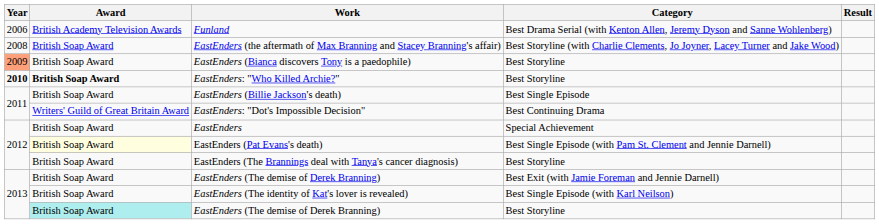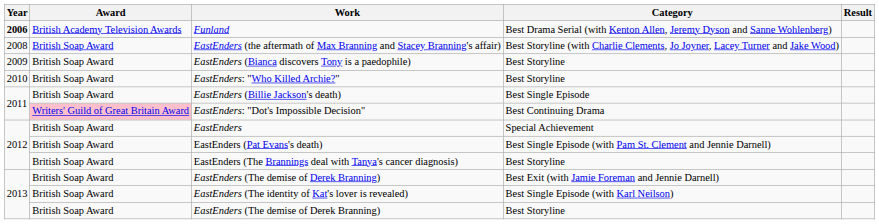 <table class="wikitable">
 <tr style="text-align:center;">
 <th scope="col">Year</th>
 <th scope="col">Award</th>
 <th scope="col">Work</th>
 <th scope="col">Category</th>
 <th scope="col">Result</th>
 </tr>
 <tr>
-<td>2006</td>
+<td><strong>2006</strong></td>
 <td><a href='#'>British Academy Television Awards</a></td>
 <td><em><a href='#'>Funland</a></em></td>
 <td>Best Drama Serial (with <a href='#'>Kenton Allen</a>, <a href='#'>Jeremy Dyson</a> and <a href='#'>Sanne Wohlenberg</a>)</td>
 <td></td>
 </tr>
 <tr>
 <td>2008</td>
 <td><a href='#'>British Soap Award</a></td>
 <td><em><a href='#'>EastEnders</a></em> (the aftermath of <a href='#'>Max Branning</a> and <a href='#'>Stacey Branning</a>'s affair)</td>
 <td>Best Storyline (with <a href='#'>Charlie Clements</a>, <a href='#'>Jo Joyner</a>, <a href='#'>Lacey Turner</a> and <a href='#'>Jake Wood</a>)</td>
 <td></td>
 </tr>
 <tr>
-<td style="background: lightsalmon;">2009</td>
+<td>2009</td>
 <td>British Soap Award</td>
 <td><em>EastEnders</em> (<a href='#'>Bianca</a> discovers <a href='#'>Tony</a> is a paedophile)</td>
 <td>Best Storyline</td>
 <td></td>
 </tr>
 <tr>
-<td><strong>2010</strong></td>
-<td><strong>British Soap Award</strong></td>
+<td>2010</td>
+<td>British Soap Award</td>
 <td><em>EastEnders</em>: "<a href='#'>Who Killed Archie?</a>"</td>
 <td>Best Storyline</td>
 <td></td>
 </tr>
 <tr>
 <td rowspan="2">2011</td>
 <td>British Soap Award</td>
 <td><em>EastEnders</em> (<a href='#'>Billie Jackson</a>'s death)</td>
 <td>Best Single Episode</td>
 <td></td>
 </tr>
 <tr>
-<td><a href='#'>Writers' Guild of Great Britain Award</a></td>
+<td style="background: pink;"><a href='#'>Writers' Guild of Great Britain Award</a></td>
 <td><em>EastEnders</em>: "Dot's Impossible Decision"</td>
 <td>Best Continuing Drama</td>
 <td></td>
 </tr>
 <tr>
 <td rowspan="3">2012</td>
 <td>British Soap Award</td>
 <td><em>EastEnders</em></td>
 <td>Special Achievement</td>
 <td></td>
 </tr>
 <tr>
-<td style="background: lightyellow;">British Soap Award</td>
+<td>British Soap Award</td>
 <td>EastEnders (<a href='#'>Pat Evans</a>'s death)</td>
 <td>Best Single Episode (with <a href='#'>Pam St. Clement</a> and Jennie Darnell)</td>
 <td></td>
 </tr>
 <tr>
 <td>British Soap Award</td>
 <td>EastEnders (The <a href='#'>Brannings</a> deal with <a href='#'>Tanya</a>'s cancer diagnosis)</td>
 <td>Best Storyline</td>
 <td></td>
 </tr>
 <tr>
 <td rowspan="3">2013</td>
 <td>British Soap Award</td>
 <td><em>EastEnders</em> (The demise of <a href='#'>Derek Branning</a>)</td>
 <td>Best Exit (with <a href='#'>Jamie Foreman</a> and Jennie Darnell)</td>
 <td></td>
 </tr>
 <tr>
 <td>British Soap Award</td>
 <td><em>EastEnders</em> (The identity of <a href='#'>Kat</a>'s lover is revealed)</td>
 <td>Best Single Episode (with <a href='#'>Karl Neilson</a>)</td>
 <td></td>
 </tr>
 <tr>
-<td style="background: paleturquoise;">British Soap Award</td>
+<td>British Soap Award</td>
 <td><em>EastEnders</em> (The demise of Derek Branning)</td>
 <td>Best Storyline</td>
 <td></td>
 </tr>
 </table>
